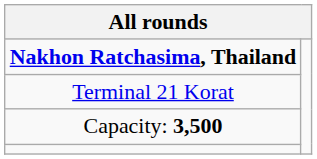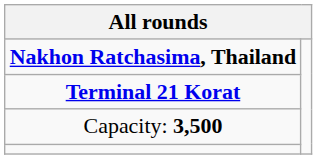 <table class="wikitable" style="text-align:center;">
 <tr>
 <th colspan=2>All rounds</th>
 </tr>
 <tr>
 <td> <strong><a href='#'>Nakhon Ratchasima</a>, Thailand</strong></td>
 <td rowspan=4></td>
 </tr>
 <tr>
-<td><a href='#'>Terminal 21 Korat</a></td>
+<td><strong><a href='#'>Terminal 21 Korat</a></strong></td>
 </tr>
 <tr>
 <td>Capacity: <strong>3,500</strong></td>
 </tr>
 <tr>
 <td></td>
 </tr>
 </table>
